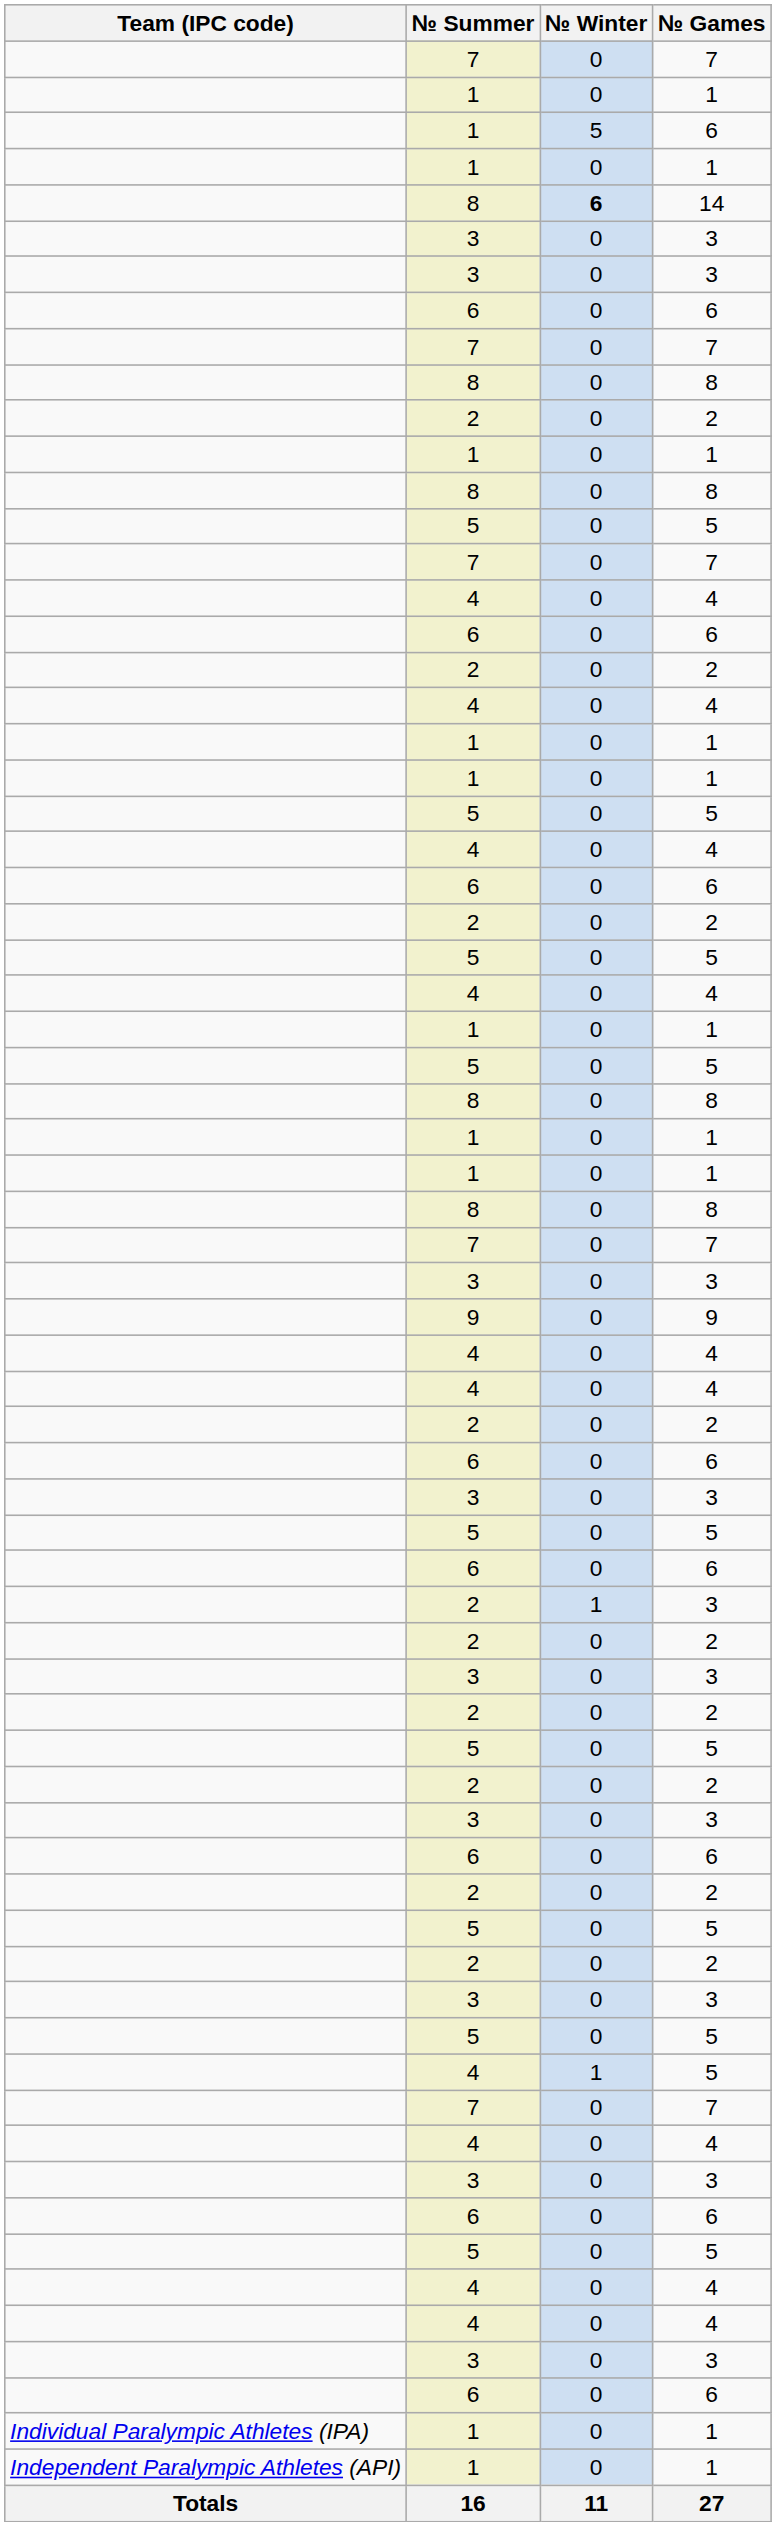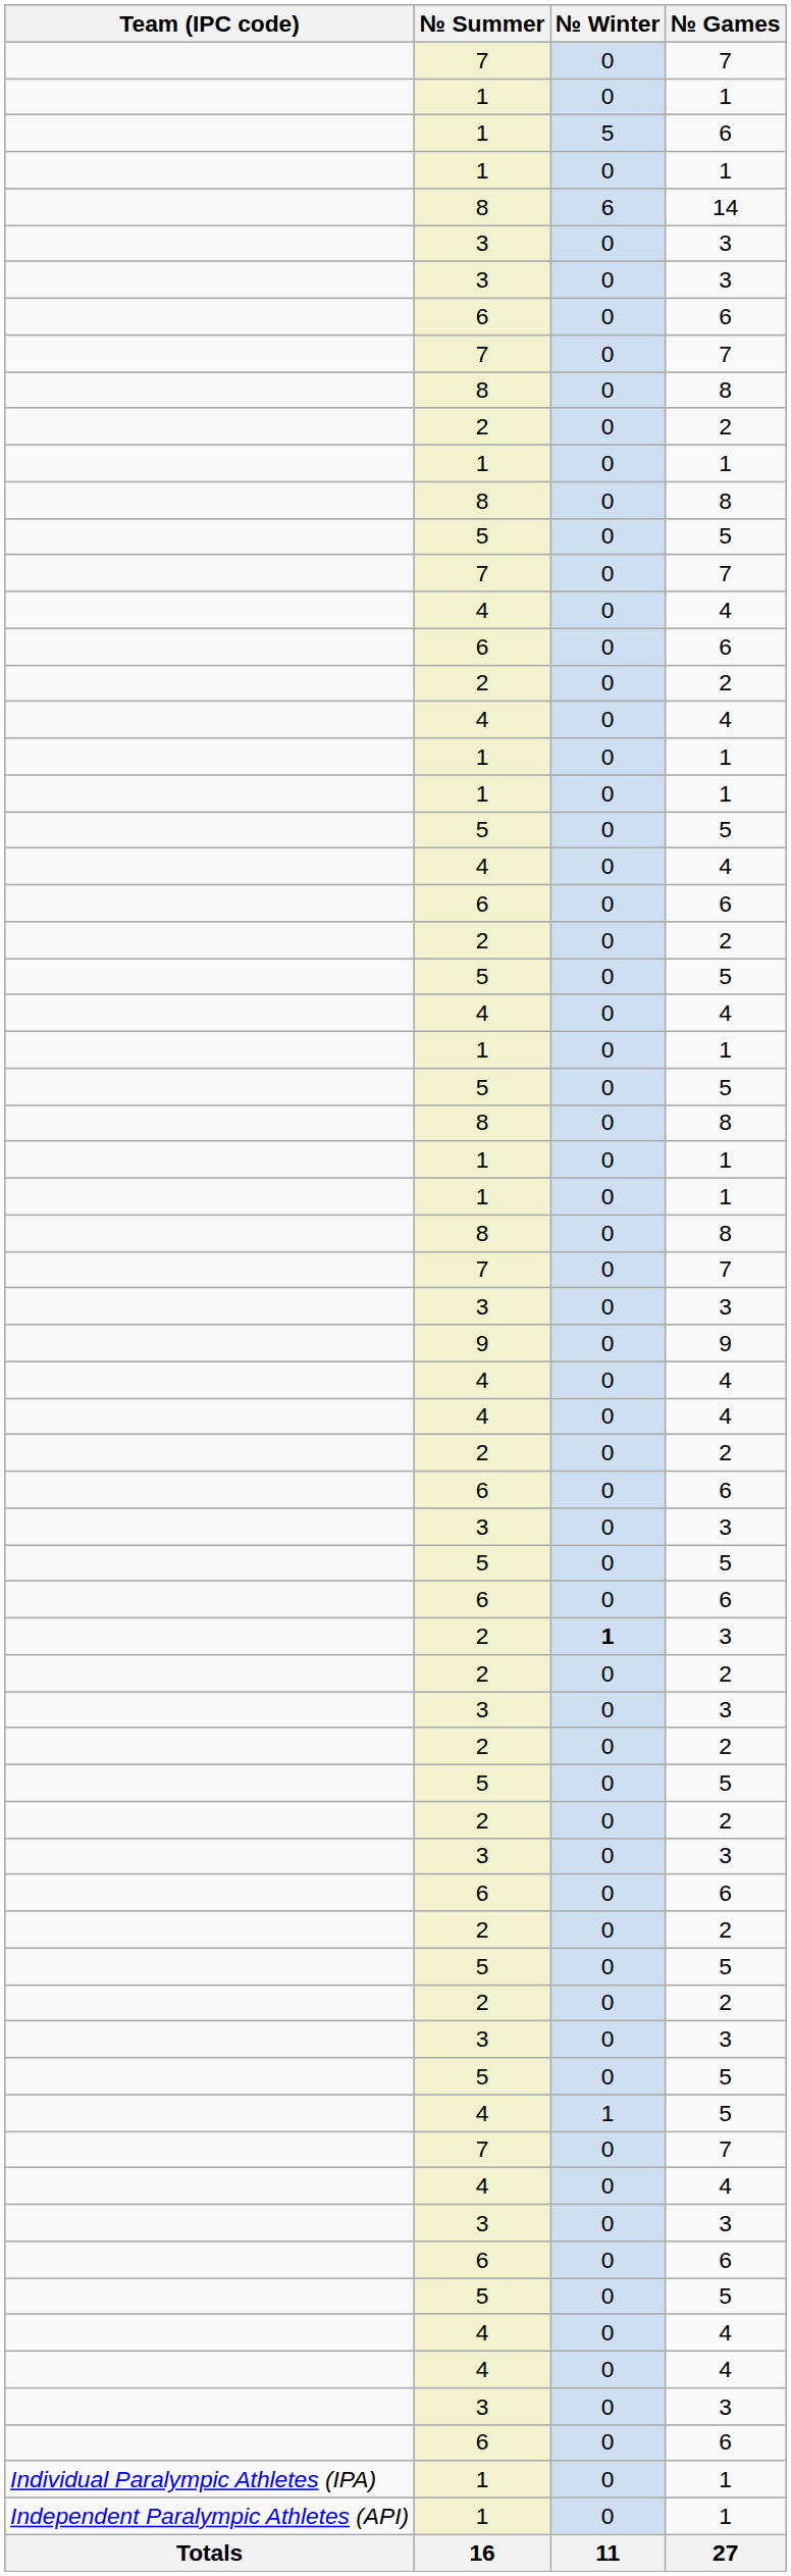 <table class="wikitable sortable" style="margin-top:0; text-align:center; font-size:90%;">
 <tr>
 <th>Team (IPC code)</th>
 <th>№ Summer</th>
 <th>№ Winter</th>
 <th>№ Games</th>
 </tr>
 <tr>
 <td align=left></td>
 <td style="background:#f2f2ce;">7</td>
 <td style="background:#cedff2;">0</td>
 <td>7</td>
 </tr>
 <tr>
 <td align=left></td>
 <td style="background:#f2f2ce;">1</td>
 <td style="background:#cedff2;">0</td>
 <td>1</td>
 </tr>
 <tr>
 <td align=left></td>
 <td style="background:#f2f2ce;">1</td>
 <td style="background:#cedff2;">5</td>
 <td>6</td>
 </tr>
 <tr>
 <td align=left></td>
 <td style="background:#f2f2ce;">1</td>
 <td style="background:#cedff2;">0</td>
 <td>1</td>
 </tr>
 <tr>
 <td align=left></td>
 <td style="background:#f2f2ce;">8</td>
-<td style="background:#cedff2;"><strong>6</strong></td>
+<td style="background:#cedff2;">6</td>
 <td>14</td>
 </tr>
 <tr>
 <td align=left></td>
 <td style="background:#f2f2ce;">3</td>
 <td style="background:#cedff2;">0</td>
 <td>3</td>
 </tr>
 <tr>
 <td align=left></td>
 <td style="background:#f2f2ce;">3</td>
 <td style="background:#cedff2;">0</td>
 <td>3</td>
 </tr>
 <tr>
 <td align=left></td>
 <td style="background:#f2f2ce;">6</td>
 <td style="background:#cedff2;">0</td>
 <td>6</td>
 </tr>
 <tr>
 <td align=left></td>
 <td style="background:#f2f2ce;">7</td>
 <td style="background:#cedff2;">0</td>
 <td>7</td>
 </tr>
 <tr>
 <td align=left></td>
 <td style="background:#f2f2ce;">8</td>
 <td style="background:#cedff2;">0</td>
 <td>8</td>
 </tr>
 <tr>
 <td align=left></td>
 <td style="background:#f2f2ce;">2</td>
 <td style="background:#cedff2;">0</td>
 <td>2</td>
 </tr>
 <tr>
 <td align=left></td>
 <td style="background:#f2f2ce;">1</td>
 <td style="background:#cedff2;">0</td>
 <td>1</td>
 </tr>
 <tr>
 <td align=left></td>
 <td style="background:#f2f2ce;">8</td>
 <td style="background:#cedff2;">0</td>
 <td>8</td>
 </tr>
 <tr>
 <td align=left></td>
 <td style="background:#f2f2ce;">5</td>
 <td style="background:#cedff2;">0</td>
 <td>5</td>
 </tr>
 <tr>
 <td align=left></td>
 <td style="background:#f2f2ce;">7</td>
 <td style="background:#cedff2;">0</td>
 <td>7</td>
 </tr>
 <tr>
 <td align=left></td>
 <td style="background:#f2f2ce;">4</td>
 <td style="background:#cedff2;">0</td>
 <td>4</td>
 </tr>
 <tr>
 <td align=left></td>
 <td style="background:#f2f2ce;">6</td>
 <td style="background:#cedff2;">0</td>
 <td>6</td>
 </tr>
 <tr>
 <td align=left></td>
 <td style="background:#f2f2ce;">2</td>
 <td style="background:#cedff2;">0</td>
 <td>2</td>
 </tr>
 <tr>
 <td align=left></td>
 <td style="background:#f2f2ce;">4</td>
 <td style="background:#cedff2;">0</td>
 <td>4</td>
 </tr>
 <tr>
 <td align=left></td>
 <td style="background:#f2f2ce;">1</td>
 <td style="background:#cedff2;">0</td>
 <td>1</td>
 </tr>
 <tr>
 <td align=left></td>
 <td style="background:#f2f2ce;">1</td>
 <td style="background:#cedff2;">0</td>
 <td>1</td>
 </tr>
 <tr>
 <td align=left></td>
 <td style="background:#f2f2ce;">5</td>
 <td style="background:#cedff2;">0</td>
 <td>5</td>
 </tr>
 <tr>
 <td align=left></td>
 <td style="background:#f2f2ce;">4</td>
 <td style="background:#cedff2;">0</td>
 <td>4</td>
 </tr>
 <tr>
 <td align=left></td>
 <td style="background:#f2f2ce;">6</td>
 <td style="background:#cedff2;">0</td>
 <td>6</td>
 </tr>
 <tr>
 <td align=left></td>
 <td style="background:#f2f2ce;">2</td>
 <td style="background:#cedff2;">0</td>
 <td>2</td>
 </tr>
 <tr>
 <td align=left></td>
 <td style="background:#f2f2ce;">5</td>
 <td style="background:#cedff2;">0</td>
 <td>5</td>
 </tr>
 <tr>
 <td align=left></td>
 <td style="background:#f2f2ce;">4</td>
 <td style="background:#cedff2;">0</td>
 <td>4</td>
 </tr>
 <tr>
 <td align=left></td>
 <td style="background:#f2f2ce;">1</td>
 <td style="background:#cedff2;">0</td>
 <td>1</td>
 </tr>
 <tr>
 <td align=left></td>
 <td style="background:#f2f2ce;">5</td>
 <td style="background:#cedff2;">0</td>
 <td>5</td>
 </tr>
 <tr>
 <td align=left></td>
 <td style="background:#f2f2ce;">8</td>
 <td style="background:#cedff2;">0</td>
 <td>8</td>
 </tr>
 <tr>
 <td align=left></td>
 <td style="background:#f2f2ce;">1</td>
 <td style="background:#cedff2;">0</td>
 <td>1</td>
 </tr>
 <tr>
 <td align=left></td>
 <td style="background:#f2f2ce;">1</td>
 <td style="background:#cedff2;">0</td>
 <td>1</td>
 </tr>
 <tr>
 <td align=left></td>
 <td style="background:#f2f2ce;">8</td>
 <td style="background:#cedff2;">0</td>
 <td>8</td>
 </tr>
 <tr>
 <td align=left></td>
 <td style="background:#f2f2ce;">7</td>
 <td style="background:#cedff2;">0</td>
 <td>7</td>
 </tr>
 <tr>
 <td align=left></td>
 <td style="background:#f2f2ce;">3</td>
 <td style="background:#cedff2;">0</td>
 <td>3</td>
 </tr>
 <tr>
 <td align=left></td>
 <td style="background:#f2f2ce;">9</td>
 <td style="background:#cedff2;">0</td>
 <td>9</td>
 </tr>
 <tr>
 <td align=left></td>
 <td style="background:#f2f2ce;">4</td>
 <td style="background:#cedff2;">0</td>
 <td>4</td>
 </tr>
 <tr>
 <td align=left></td>
 <td style="background:#f2f2ce;">4</td>
 <td style="background:#cedff2;">0</td>
 <td>4</td>
 </tr>
 <tr>
 <td align=left></td>
 <td style="background:#f2f2ce;">2</td>
 <td style="background:#cedff2;">0</td>
 <td>2</td>
 </tr>
 <tr>
 <td align=left></td>
 <td style="background:#f2f2ce;">6</td>
 <td style="background:#cedff2;">0</td>
 <td>6</td>
 </tr>
 <tr>
 <td align=left></td>
 <td style="background:#f2f2ce;">3</td>
 <td style="background:#cedff2;">0</td>
 <td>3</td>
 </tr>
 <tr>
 <td align=left></td>
 <td style="background:#f2f2ce;">5</td>
 <td style="background:#cedff2;">0</td>
 <td>5</td>
 </tr>
 <tr>
 <td align=left></td>
 <td style="background:#f2f2ce;">6</td>
 <td style="background:#cedff2;">0</td>
 <td>6</td>
 </tr>
 <tr>
 <td align=left></td>
 <td style="background:#f2f2ce;">2</td>
-<td style="background:#cedff2;">1</td>
+<td style="background:#cedff2;"><strong>1</strong></td>
 <td>3</td>
 </tr>
 <tr>
 <td align=left></td>
 <td style="background:#f2f2ce;">2</td>
 <td style="background:#cedff2;">0</td>
 <td>2</td>
 </tr>
 <tr>
 <td align=left></td>
 <td style="background:#f2f2ce;">3</td>
 <td style="background:#cedff2;">0</td>
 <td>3</td>
 </tr>
 <tr>
 <td align=left></td>
 <td style="background:#f2f2ce;">2</td>
 <td style="background:#cedff2;">0</td>
 <td>2</td>
 </tr>
 <tr>
 <td align=left></td>
 <td style="background:#f2f2ce;">5</td>
 <td style="background:#cedff2;">0</td>
 <td>5</td>
 </tr>
 <tr>
 <td align=left></td>
 <td style="background:#f2f2ce;">2</td>
 <td style="background:#cedff2;">0</td>
 <td>2</td>
 </tr>
 <tr>
 <td align=left></td>
 <td style="background:#f2f2ce;">3</td>
 <td style="background:#cedff2;">0</td>
 <td>3</td>
 </tr>
 <tr>
 <td align=left></td>
 <td style="background:#f2f2ce;">6</td>
 <td style="background:#cedff2;">0</td>
 <td>6</td>
 </tr>
 <tr>
 <td align=left></td>
 <td style="background:#f2f2ce;">2</td>
 <td style="background:#cedff2;">0</td>
 <td>2</td>
 </tr>
 <tr>
 <td align=left></td>
 <td style="background:#f2f2ce;">5</td>
 <td style="background:#cedff2;">0</td>
 <td>5</td>
 </tr>
 <tr>
 <td align=left></td>
 <td style="background:#f2f2ce;">2</td>
 <td style="background:#cedff2;">0</td>
 <td>2</td>
 </tr>
 <tr>
 <td align=left></td>
 <td style="background:#f2f2ce;">3</td>
 <td style="background:#cedff2;">0</td>
 <td>3</td>
 </tr>
 <tr>
 <td align=left></td>
 <td style="background:#f2f2ce;">5</td>
 <td style="background:#cedff2;">0</td>
 <td>5</td>
 </tr>
 <tr>
 <td align=left></td>
 <td style="background:#f2f2ce;">4</td>
 <td style="background:#cedff2;">1</td>
 <td>5</td>
 </tr>
 <tr>
 <td align=left></td>
 <td style="background:#f2f2ce;">7</td>
 <td style="background:#cedff2;">0</td>
 <td>7</td>
 </tr>
 <tr>
 <td align=left></td>
 <td style="background:#f2f2ce;">4</td>
 <td style="background:#cedff2;">0</td>
 <td>4</td>
 </tr>
 <tr>
 <td align=left></td>
 <td style="background:#f2f2ce;">3</td>
 <td style="background:#cedff2;">0</td>
 <td>3</td>
 </tr>
 <tr>
 <td align=left></td>
 <td style="background:#f2f2ce;">6</td>
 <td style="background:#cedff2;">0</td>
 <td>6</td>
 </tr>
 <tr>
 <td align=left></td>
 <td style="background:#f2f2ce;">5</td>
 <td style="background:#cedff2;">0</td>
 <td>5</td>
 </tr>
 <tr>
 <td align=left></td>
 <td style="background:#f2f2ce;">4</td>
 <td style="background:#cedff2;">0</td>
 <td>4</td>
 </tr>
 <tr>
 <td align=left></td>
 <td style="background:#f2f2ce;">4</td>
 <td style="background:#cedff2;">0</td>
 <td>4</td>
 </tr>
 <tr>
 <td align=left></td>
 <td style="background:#f2f2ce;">3</td>
 <td style="background:#cedff2;">0</td>
 <td>3</td>
 </tr>
 <tr>
 <td align=left></td>
 <td style="background:#f2f2ce;">6</td>
 <td style="background:#cedff2;">0</td>
 <td>6</td>
 </tr>
 <tr>
 <td align=left> <em><a href='#'>Individual Paralympic Athletes</a> (IPA)</em></td>
 <td style="background:#f2f2ce;">1</td>
 <td style="background:#cedff2;">0</td>
 <td>1</td>
 </tr>
 <tr>
 <td align=left> <em><a href='#'>Independent Paralympic Athletes</a> (API)</em></td>
 <td style="background:#f2f2ce;">1</td>
 <td style="background:#cedff2;">0</td>
 <td>1</td>
 </tr>
 <tr class="sortbottom">
 <th>Totals</th>
 <th>16</th>
 <th>11</th>
 <th>27</th>
 </tr>
 </table>
